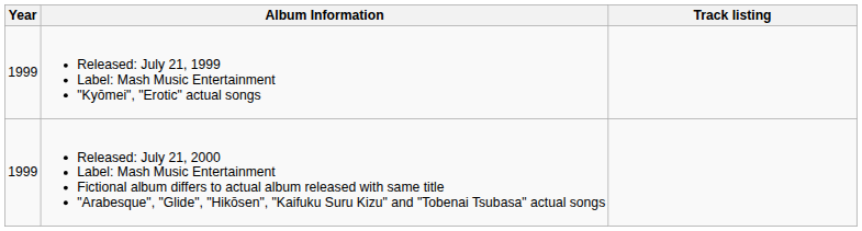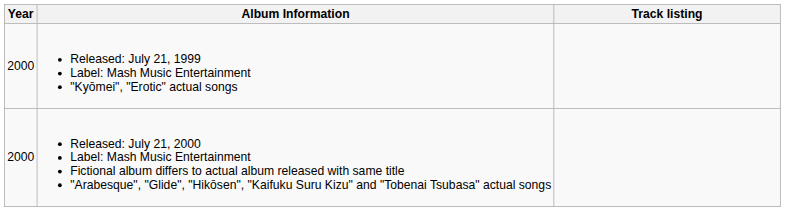 <table class="wikitable">
 <tr>
 <th rowspan="1">Year</th>
 <th rowspan="1">Album Information</th>
 <th align="left" width="290px">Track listing</th>
 </tr>
 <tr>
-<td align="center">1999</td>
+<td align="center">2000</td>
 <td><br><ul><li>Released: July 21, 1999</li><li>Label: Mash Music Entertainment</li><li>"Kyōmei", "Erotic" actual songs</li></ul></td>
 <td></td>
 </tr>
 <tr>
-<td align="center">1999</td>
+<td align="center">2000</td>
 <td><br><ul><li>Released: July 21, 2000</li><li>Label: Mash Music Entertainment</li><li>Fictional album differs to actual album released with same title</li><li>"Arabesque", "Glide", "Hikōsen", "Kaifuku Suru Kizu" and "Tobenai Tsubasa" actual songs</li></ul></td>
 <td></td>
 </tr>
 </table>
